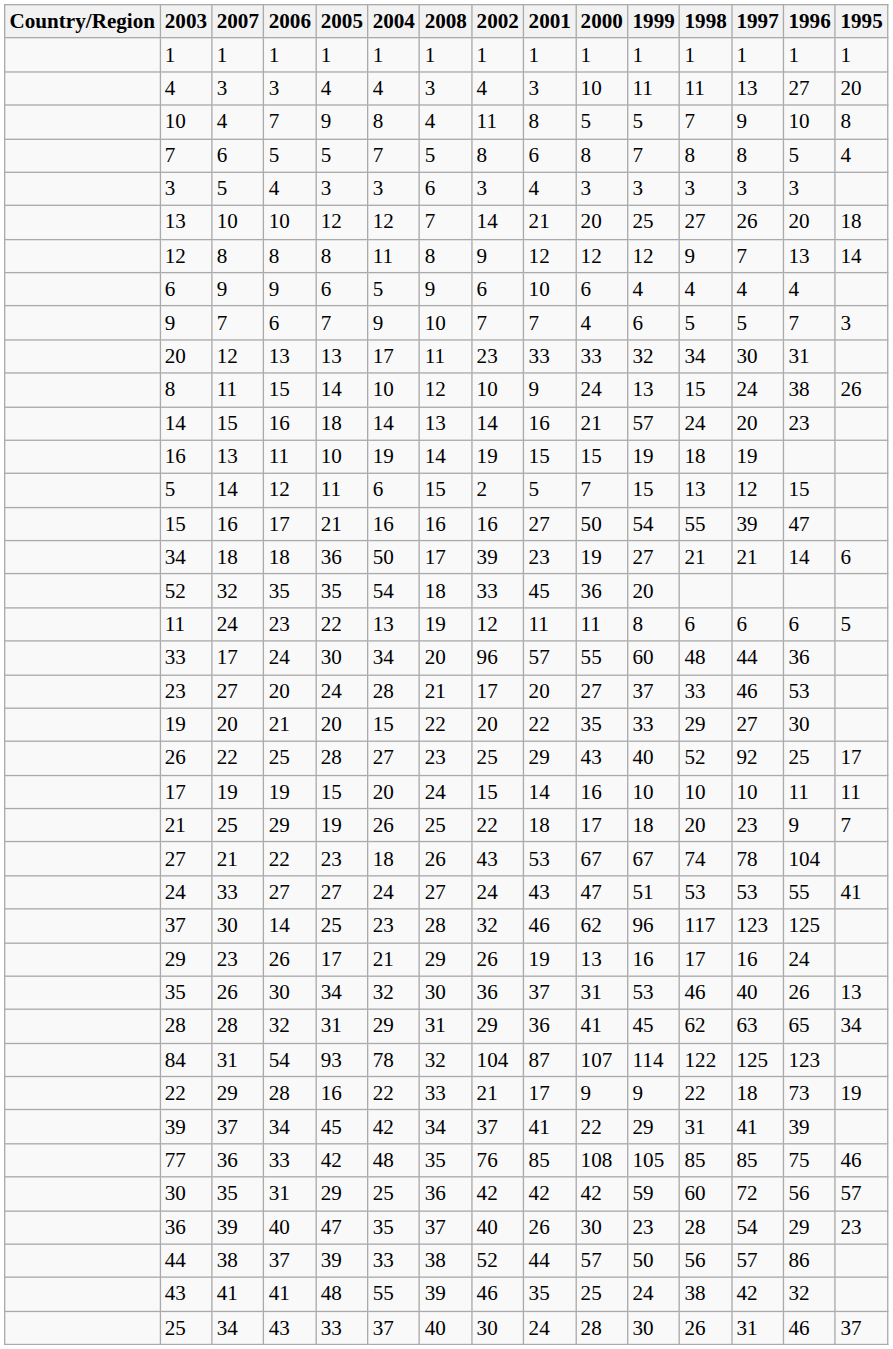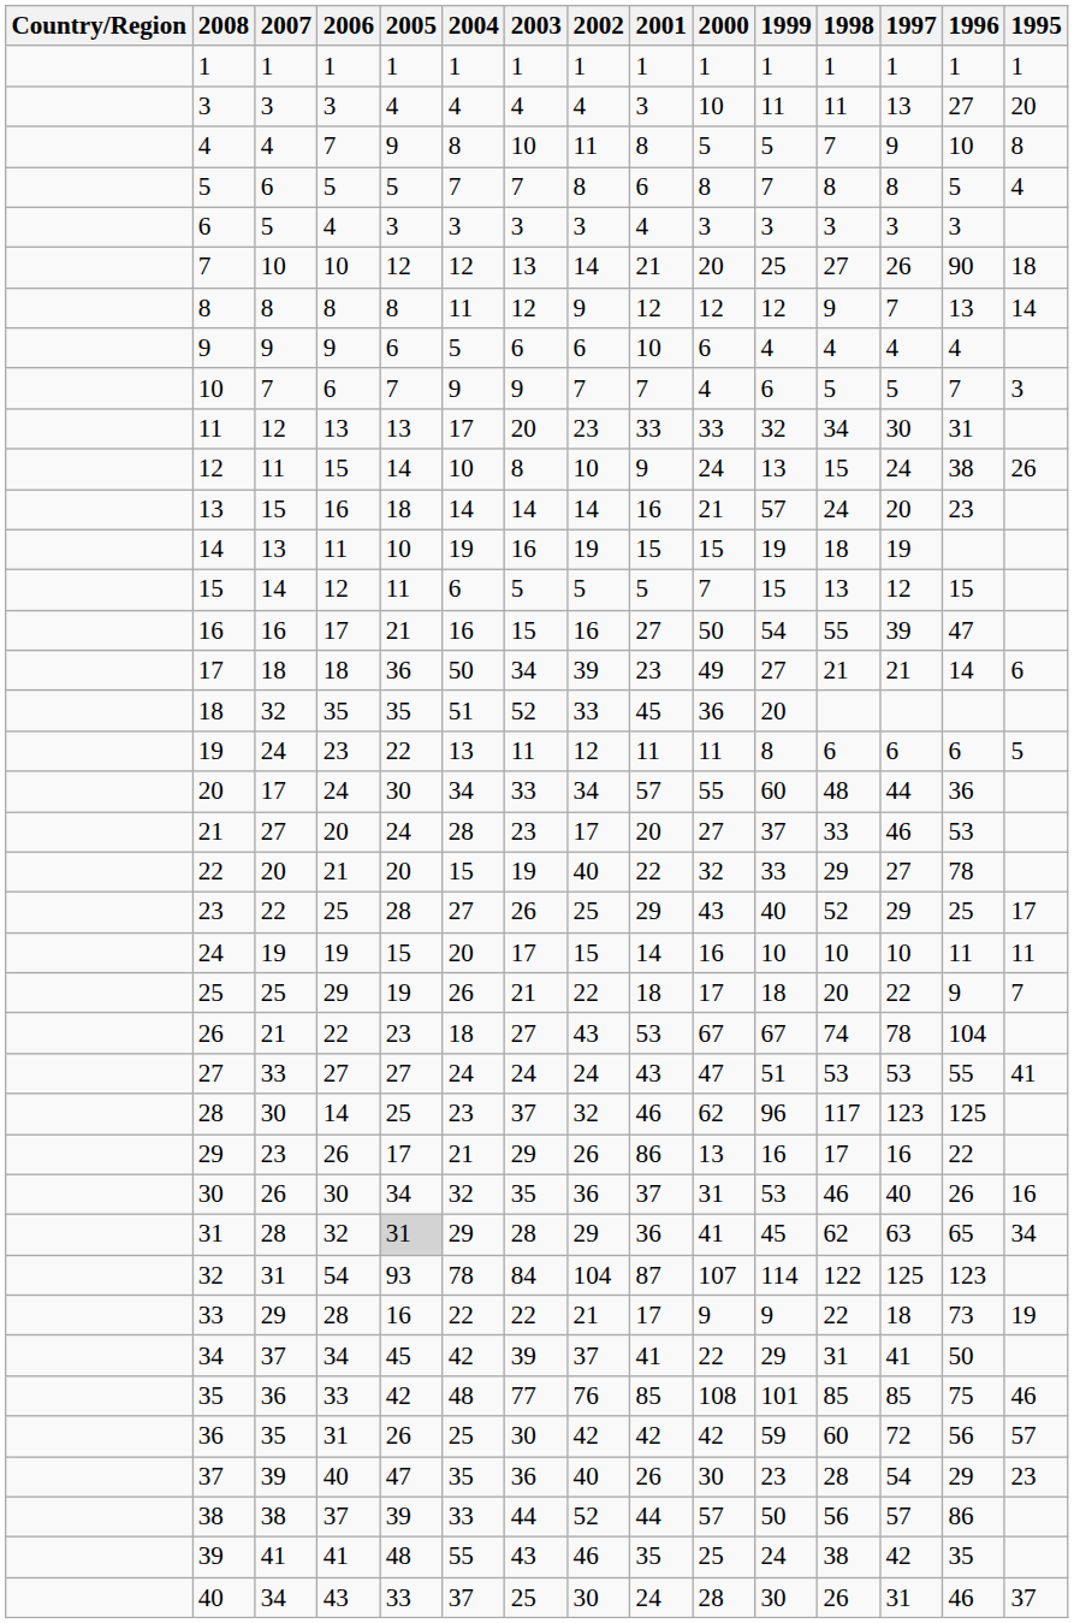 <table class="sortable wikitable">
 <tr>
 <th>Country/Region</th>
-<th>2003</th>
+<th>2008</th>
 <th>2007</th>
 <th>2006</th>
 <th>2005</th>
 <th>2004</th>
-<th>2008</th>
+<th>2003</th>
 <th>2002</th>
 <th>2001</th>
 <th>2000</th>
 <th>1999</th>
 <th>1998</th>
 <th>1997</th>
 <th>1996</th>
 <th>1995</th>
 </tr>
 <tr>
 <td></td>
 <td>1</td>
 <td>1</td>
 <td>1</td>
 <td>1</td>
 <td>1</td>
 <td>1</td>
 <td>1</td>
 <td>1</td>
 <td>1</td>
 <td>1</td>
 <td>1</td>
 <td>1</td>
 <td>1</td>
 <td>1</td>
 </tr>
 <tr>
 <td></td>
-<td>4</td>
+<td>3</td>
 <td>3</td>
 <td>3</td>
 <td>4</td>
 <td>4</td>
-<td>3</td>
+<td>4</td>
 <td>4</td>
 <td>3</td>
 <td>10</td>
 <td>11</td>
 <td>11</td>
 <td>13</td>
 <td>27</td>
 <td>20</td>
 </tr>
 <tr>
 <td></td>
-<td>10</td>
+<td>4</td>
 <td>4</td>
 <td>7</td>
 <td>9</td>
 <td>8</td>
-<td>4</td>
+<td>10</td>
 <td>11</td>
 <td>8</td>
 <td>5</td>
 <td>5</td>
 <td>7</td>
 <td>9</td>
 <td>10</td>
 <td>8</td>
 </tr>
 <tr>
 <td></td>
-<td>7</td>
+<td>5</td>
 <td>6</td>
 <td>5</td>
 <td>5</td>
 <td>7</td>
-<td>5</td>
+<td>7</td>
 <td>8</td>
 <td>6</td>
 <td>8</td>
 <td>7</td>
 <td>8</td>
 <td>8</td>
 <td>5</td>
 <td>4</td>
 </tr>
 <tr>
 <td></td>
-<td>3</td>
+<td>6</td>
 <td>5</td>
 <td>4</td>
 <td>3</td>
 <td>3</td>
-<td>6</td>
+<td>3</td>
 <td>3</td>
 <td>4</td>
 <td>3</td>
 <td>3</td>
 <td>3</td>
 <td>3</td>
 <td>3</td>
 <td></td>
 </tr>
 <tr>
 <td></td>
-<td>13</td>
+<td>7</td>
 <td>10</td>
 <td>10</td>
 <td>12</td>
 <td>12</td>
-<td>7</td>
+<td>13</td>
 <td>14</td>
 <td>21</td>
 <td>20</td>
 <td>25</td>
 <td>27</td>
 <td>26</td>
-<td>20</td>
+<td>90</td>
 <td>18</td>
 </tr>
 <tr>
 <td></td>
-<td>12</td>
+<td>8</td>
 <td>8</td>
 <td>8</td>
 <td>8</td>
 <td>11</td>
-<td>8</td>
+<td>12</td>
 <td>9</td>
 <td>12</td>
 <td>12</td>
 <td>12</td>
 <td>9</td>
 <td>7</td>
 <td>13</td>
 <td>14</td>
 </tr>
 <tr>
 <td></td>
-<td>6</td>
+<td>9</td>
 <td>9</td>
 <td>9</td>
 <td>6</td>
 <td>5</td>
-<td>9</td>
+<td>6</td>
 <td>6</td>
 <td>10</td>
 <td>6</td>
 <td>4</td>
 <td>4</td>
 <td>4</td>
 <td>4</td>
 <td></td>
 </tr>
 <tr>
 <td></td>
-<td>9</td>
+<td>10</td>
 <td>7</td>
 <td>6</td>
 <td>7</td>
 <td>9</td>
-<td>10</td>
+<td>9</td>
 <td>7</td>
 <td>7</td>
 <td>4</td>
 <td>6</td>
 <td>5</td>
 <td>5</td>
 <td>7</td>
 <td>3</td>
 </tr>
 <tr>
 <td></td>
-<td>20</td>
+<td>11</td>
 <td>12</td>
 <td>13</td>
 <td>13</td>
 <td>17</td>
-<td>11</td>
+<td>20</td>
 <td>23</td>
 <td>33</td>
 <td>33</td>
 <td>32</td>
 <td>34</td>
 <td>30</td>
 <td>31</td>
 <td></td>
 </tr>
 <tr>
 <td></td>
-<td>8</td>
+<td>12</td>
 <td>11</td>
 <td>15</td>
 <td>14</td>
 <td>10</td>
-<td>12</td>
+<td>8</td>
 <td>10</td>
 <td>9</td>
 <td>24</td>
 <td>13</td>
 <td>15</td>
 <td>24</td>
 <td>38</td>
 <td>26</td>
 </tr>
 <tr>
 <td></td>
-<td>14</td>
+<td>13</td>
 <td>15</td>
 <td>16</td>
 <td>18</td>
 <td>14</td>
-<td>13</td>
+<td>14</td>
 <td>14</td>
 <td>16</td>
 <td>21</td>
 <td>57</td>
 <td>24</td>
 <td>20</td>
 <td>23</td>
 <td></td>
 </tr>
 <tr>
 <td></td>
-<td>16</td>
+<td>14</td>
 <td>13</td>
 <td>11</td>
 <td>10</td>
 <td>19</td>
-<td>14</td>
+<td>16</td>
 <td>19</td>
 <td>15</td>
 <td>15</td>
 <td>19</td>
 <td>18</td>
 <td>19</td>
 <td></td>
 <td></td>
 </tr>
 <tr>
 <td></td>
-<td>5</td>
+<td>15</td>
 <td>14</td>
 <td>12</td>
 <td>11</td>
 <td>6</td>
-<td>15</td>
-<td>2</td>
+<td>5</td>
+<td>5</td>
 <td>5</td>
 <td>7</td>
 <td>15</td>
 <td>13</td>
 <td>12</td>
 <td>15</td>
 <td></td>
 </tr>
 <tr>
 <td></td>
-<td>15</td>
+<td>16</td>
 <td>16</td>
 <td>17</td>
 <td>21</td>
 <td>16</td>
-<td>16</td>
+<td>15</td>
 <td>16</td>
 <td>27</td>
 <td>50</td>
 <td>54</td>
 <td>55</td>
 <td>39</td>
 <td>47</td>
 <td></td>
 </tr>
 <tr>
 <td></td>
-<td>34</td>
+<td>17</td>
 <td>18</td>
 <td>18</td>
 <td>36</td>
 <td>50</td>
-<td>17</td>
+<td>34</td>
 <td>39</td>
 <td>23</td>
-<td>19</td>
+<td>49</td>
 <td>27</td>
 <td>21</td>
 <td>21</td>
 <td>14</td>
 <td>6</td>
 </tr>
 <tr>
 <td></td>
-<td>52</td>
+<td>18</td>
 <td>32</td>
 <td>35</td>
 <td>35</td>
-<td>54</td>
-<td>18</td>
+<td>51</td>
+<td>52</td>
 <td>33</td>
 <td>45</td>
 <td>36</td>
 <td>20</td>
 <td></td>
 <td></td>
 <td></td>
 <td></td>
 </tr>
 <tr>
 <td></td>
-<td>11</td>
+<td>19</td>
 <td>24</td>
 <td>23</td>
 <td>22</td>
 <td>13</td>
-<td>19</td>
+<td>11</td>
 <td>12</td>
 <td>11</td>
 <td>11</td>
 <td>8</td>
 <td>6</td>
 <td>6</td>
 <td>6</td>
 <td>5</td>
 </tr>
 <tr>
 <td></td>
-<td>33</td>
+<td>20</td>
 <td>17</td>
 <td>24</td>
 <td>30</td>
 <td>34</td>
-<td>20</td>
-<td>96</td>
+<td>33</td>
+<td>34</td>
 <td>57</td>
 <td>55</td>
 <td>60</td>
 <td>48</td>
 <td>44</td>
 <td>36</td>
 <td></td>
 </tr>
 <tr>
 <td></td>
-<td>23</td>
+<td>21</td>
 <td>27</td>
 <td>20</td>
 <td>24</td>
 <td>28</td>
-<td>21</td>
+<td>23</td>
 <td>17</td>
 <td>20</td>
 <td>27</td>
 <td>37</td>
 <td>33</td>
 <td>46</td>
 <td>53</td>
 <td></td>
 </tr>
 <tr>
 <td></td>
-<td>19</td>
+<td>22</td>
 <td>20</td>
 <td>21</td>
 <td>20</td>
 <td>15</td>
+<td>19</td>
+<td>40</td>
 <td>22</td>
-<td>20</td>
-<td>22</td>
-<td>35</td>
+<td>32</td>
 <td>33</td>
 <td>29</td>
 <td>27</td>
-<td>30</td>
+<td>78</td>
 <td></td>
 </tr>
 <tr>
 <td></td>
-<td>26</td>
+<td>23</td>
 <td>22</td>
 <td>25</td>
 <td>28</td>
 <td>27</td>
-<td>23</td>
+<td>26</td>
 <td>25</td>
 <td>29</td>
 <td>43</td>
 <td>40</td>
 <td>52</td>
-<td>92</td>
+<td>29</td>
 <td>25</td>
 <td>17</td>
 </tr>
 <tr>
 <td></td>
-<td>17</td>
+<td>24</td>
 <td>19</td>
 <td>19</td>
 <td>15</td>
 <td>20</td>
-<td>24</td>
+<td>17</td>
 <td>15</td>
 <td>14</td>
 <td>16</td>
 <td>10</td>
 <td>10</td>
 <td>10</td>
 <td>11</td>
 <td>11</td>
 </tr>
 <tr>
 <td></td>
-<td>21</td>
+<td>25</td>
 <td>25</td>
 <td>29</td>
 <td>19</td>
 <td>26</td>
-<td>25</td>
+<td>21</td>
 <td>22</td>
 <td>18</td>
 <td>17</td>
 <td>18</td>
 <td>20</td>
-<td>23</td>
+<td>22</td>
 <td>9</td>
 <td>7</td>
 </tr>
 <tr>
 <td></td>
-<td>27</td>
+<td>26</td>
 <td>21</td>
 <td>22</td>
 <td>23</td>
 <td>18</td>
-<td>26</td>
+<td>27</td>
 <td>43</td>
 <td>53</td>
 <td>67</td>
 <td>67</td>
 <td>74</td>
 <td>78</td>
 <td>104</td>
 <td></td>
 </tr>
 <tr>
 <td></td>
-<td>24</td>
+<td>27</td>
 <td>33</td>
 <td>27</td>
 <td>27</td>
 <td>24</td>
-<td>27</td>
+<td>24</td>
 <td>24</td>
 <td>43</td>
 <td>47</td>
 <td>51</td>
 <td>53</td>
 <td>53</td>
 <td>55</td>
 <td>41</td>
 </tr>
 <tr>
 <td></td>
-<td>37</td>
+<td>28</td>
 <td>30</td>
 <td>14</td>
 <td>25</td>
 <td>23</td>
-<td>28</td>
+<td>37</td>
 <td>32</td>
 <td>46</td>
 <td>62</td>
 <td>96</td>
 <td>117</td>
 <td>123</td>
 <td>125</td>
 <td></td>
 </tr>
 <tr>
 <td></td>
 <td>29</td>
 <td>23</td>
 <td>26</td>
 <td>17</td>
 <td>21</td>
 <td>29</td>
 <td>26</td>
-<td>19</td>
+<td>86</td>
 <td>13</td>
 <td>16</td>
 <td>17</td>
 <td>16</td>
-<td>24</td>
+<td>22</td>
 <td></td>
 </tr>
 <tr>
 <td></td>
-<td>35</td>
+<td>30</td>
 <td>26</td>
 <td>30</td>
 <td>34</td>
 <td>32</td>
-<td>30</td>
+<td>35</td>
 <td>36</td>
 <td>37</td>
 <td>31</td>
 <td>53</td>
 <td>46</td>
 <td>40</td>
 <td>26</td>
-<td>13</td>
+<td>16</td>
 </tr>
 <tr>
 <td></td>
-<td>28</td>
+<td>31</td>
 <td>28</td>
 <td>32</td>
-<td>31</td>
+<td style="background: lightgrey;">31</td>
 <td>29</td>
-<td>31</td>
+<td>28</td>
 <td>29</td>
 <td>36</td>
 <td>41</td>
 <td>45</td>
 <td>62</td>
 <td>63</td>
 <td>65</td>
 <td>34</td>
 </tr>
 <tr>
 <td></td>
-<td>84</td>
+<td>32</td>
 <td>31</td>
 <td>54</td>
 <td>93</td>
 <td>78</td>
-<td>32</td>
+<td>84</td>
 <td>104</td>
 <td>87</td>
 <td>107</td>
 <td>114</td>
 <td>122</td>
 <td>125</td>
 <td>123</td>
 <td></td>
 </tr>
 <tr>
 <td></td>
-<td>22</td>
+<td>33</td>
 <td>29</td>
 <td>28</td>
 <td>16</td>
 <td>22</td>
-<td>33</td>
+<td>22</td>
 <td>21</td>
 <td>17</td>
 <td>9</td>
 <td>9</td>
 <td>22</td>
 <td>18</td>
 <td>73</td>
 <td>19</td>
 </tr>
 <tr>
 <td></td>
-<td>39</td>
+<td>34</td>
 <td>37</td>
 <td>34</td>
 <td>45</td>
 <td>42</td>
-<td>34</td>
+<td>39</td>
 <td>37</td>
 <td>41</td>
 <td>22</td>
 <td>29</td>
 <td>31</td>
 <td>41</td>
-<td>39</td>
+<td>50</td>
 <td></td>
 </tr>
 <tr>
 <td></td>
-<td>77</td>
+<td>35</td>
 <td>36</td>
 <td>33</td>
 <td>42</td>
 <td>48</td>
-<td>35</td>
+<td>77</td>
 <td>76</td>
 <td>85</td>
 <td>108</td>
-<td>105</td>
+<td>101</td>
 <td>85</td>
 <td>85</td>
 <td>75</td>
 <td>46</td>
 </tr>
 <tr>
 <td></td>
-<td>30</td>
+<td>36</td>
 <td>35</td>
 <td>31</td>
-<td>29</td>
+<td>26</td>
 <td>25</td>
-<td>36</td>
+<td>30</td>
 <td>42</td>
 <td>42</td>
 <td>42</td>
 <td>59</td>
 <td>60</td>
 <td>72</td>
 <td>56</td>
 <td>57</td>
 </tr>
 <tr>
 <td></td>
-<td>36</td>
+<td>37</td>
 <td>39</td>
 <td>40</td>
 <td>47</td>
 <td>35</td>
-<td>37</td>
+<td>36</td>
 <td>40</td>
 <td>26</td>
 <td>30</td>
 <td>23</td>
 <td>28</td>
 <td>54</td>
 <td>29</td>
 <td>23</td>
 </tr>
 <tr>
 <td></td>
-<td>44</td>
+<td>38</td>
 <td>38</td>
 <td>37</td>
 <td>39</td>
 <td>33</td>
-<td>38</td>
+<td>44</td>
 <td>52</td>
 <td>44</td>
 <td>57</td>
 <td>50</td>
 <td>56</td>
 <td>57</td>
 <td>86</td>
 <td></td>
 </tr>
 <tr>
 <td></td>
-<td>43</td>
+<td>39</td>
 <td>41</td>
 <td>41</td>
 <td>48</td>
 <td>55</td>
-<td>39</td>
+<td>43</td>
 <td>46</td>
 <td>35</td>
 <td>25</td>
 <td>24</td>
 <td>38</td>
 <td>42</td>
-<td>32</td>
+<td>35</td>
 <td></td>
 </tr>
 <tr>
 <td></td>
-<td>25</td>
+<td>40</td>
 <td>34</td>
 <td>43</td>
 <td>33</td>
 <td>37</td>
-<td>40</td>
+<td>25</td>
 <td>30</td>
 <td>24</td>
 <td>28</td>
 <td>30</td>
 <td>26</td>
 <td>31</td>
 <td>46</td>
 <td>37</td>
 </tr>
 </table>
